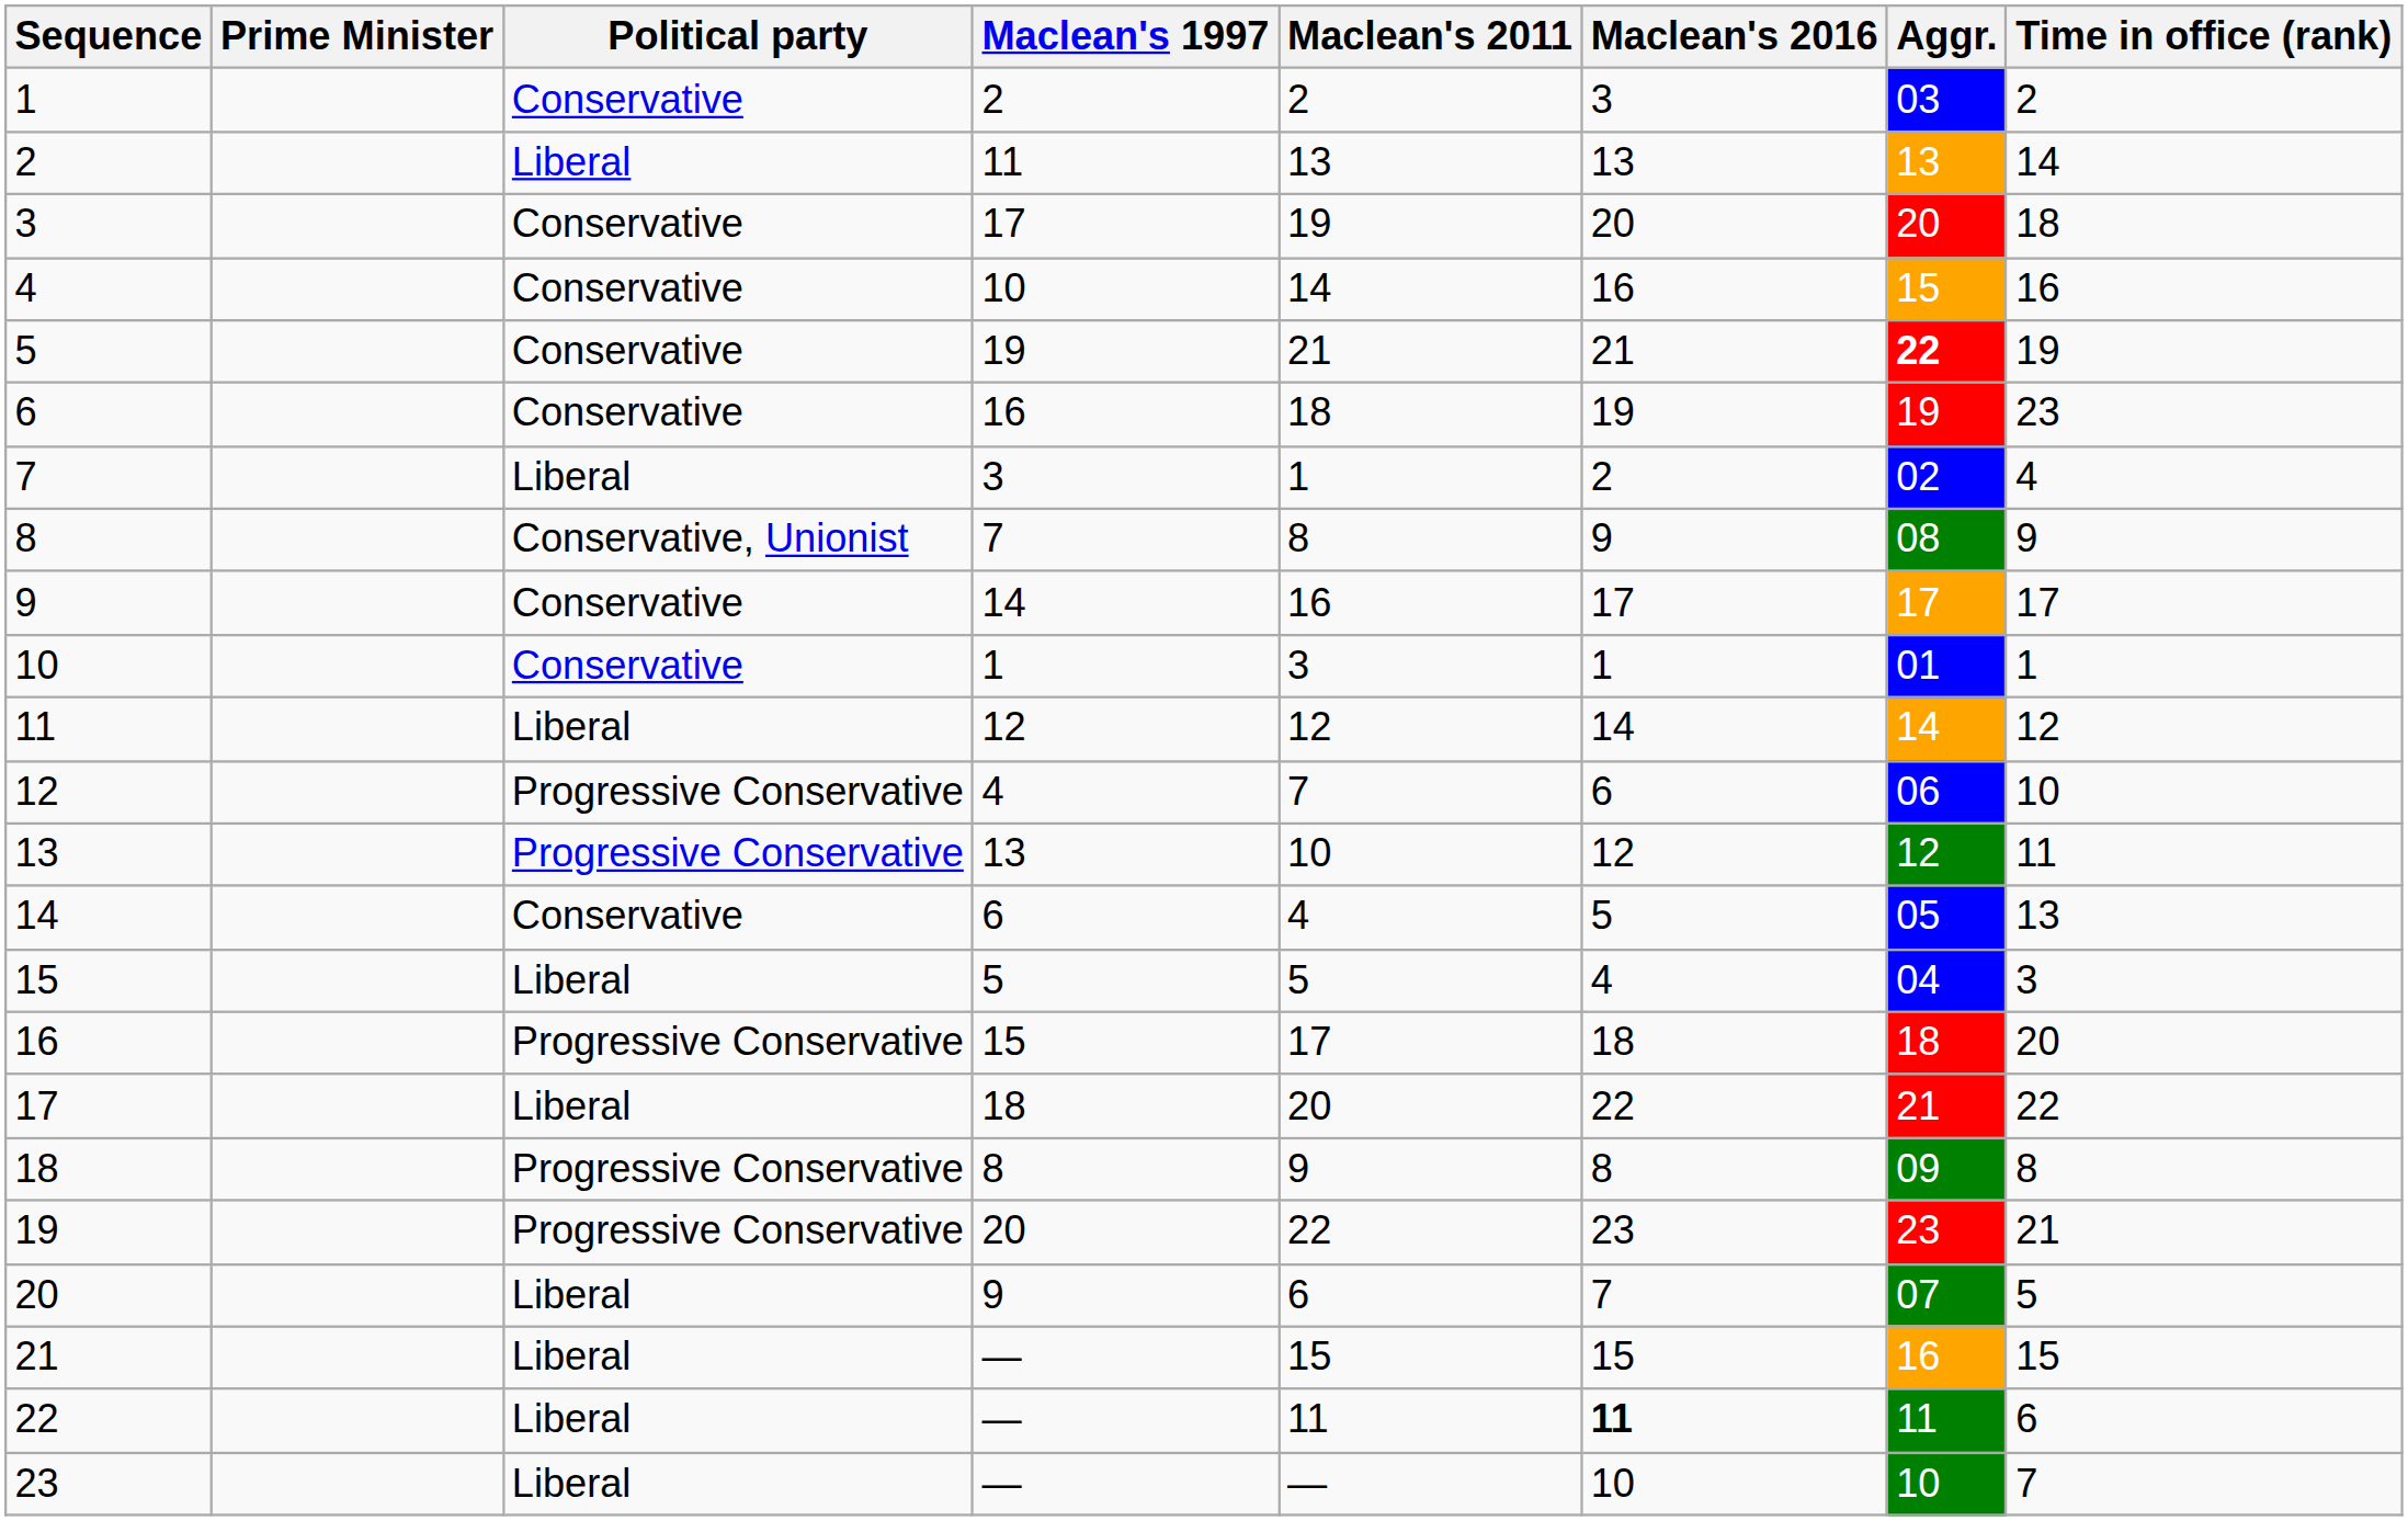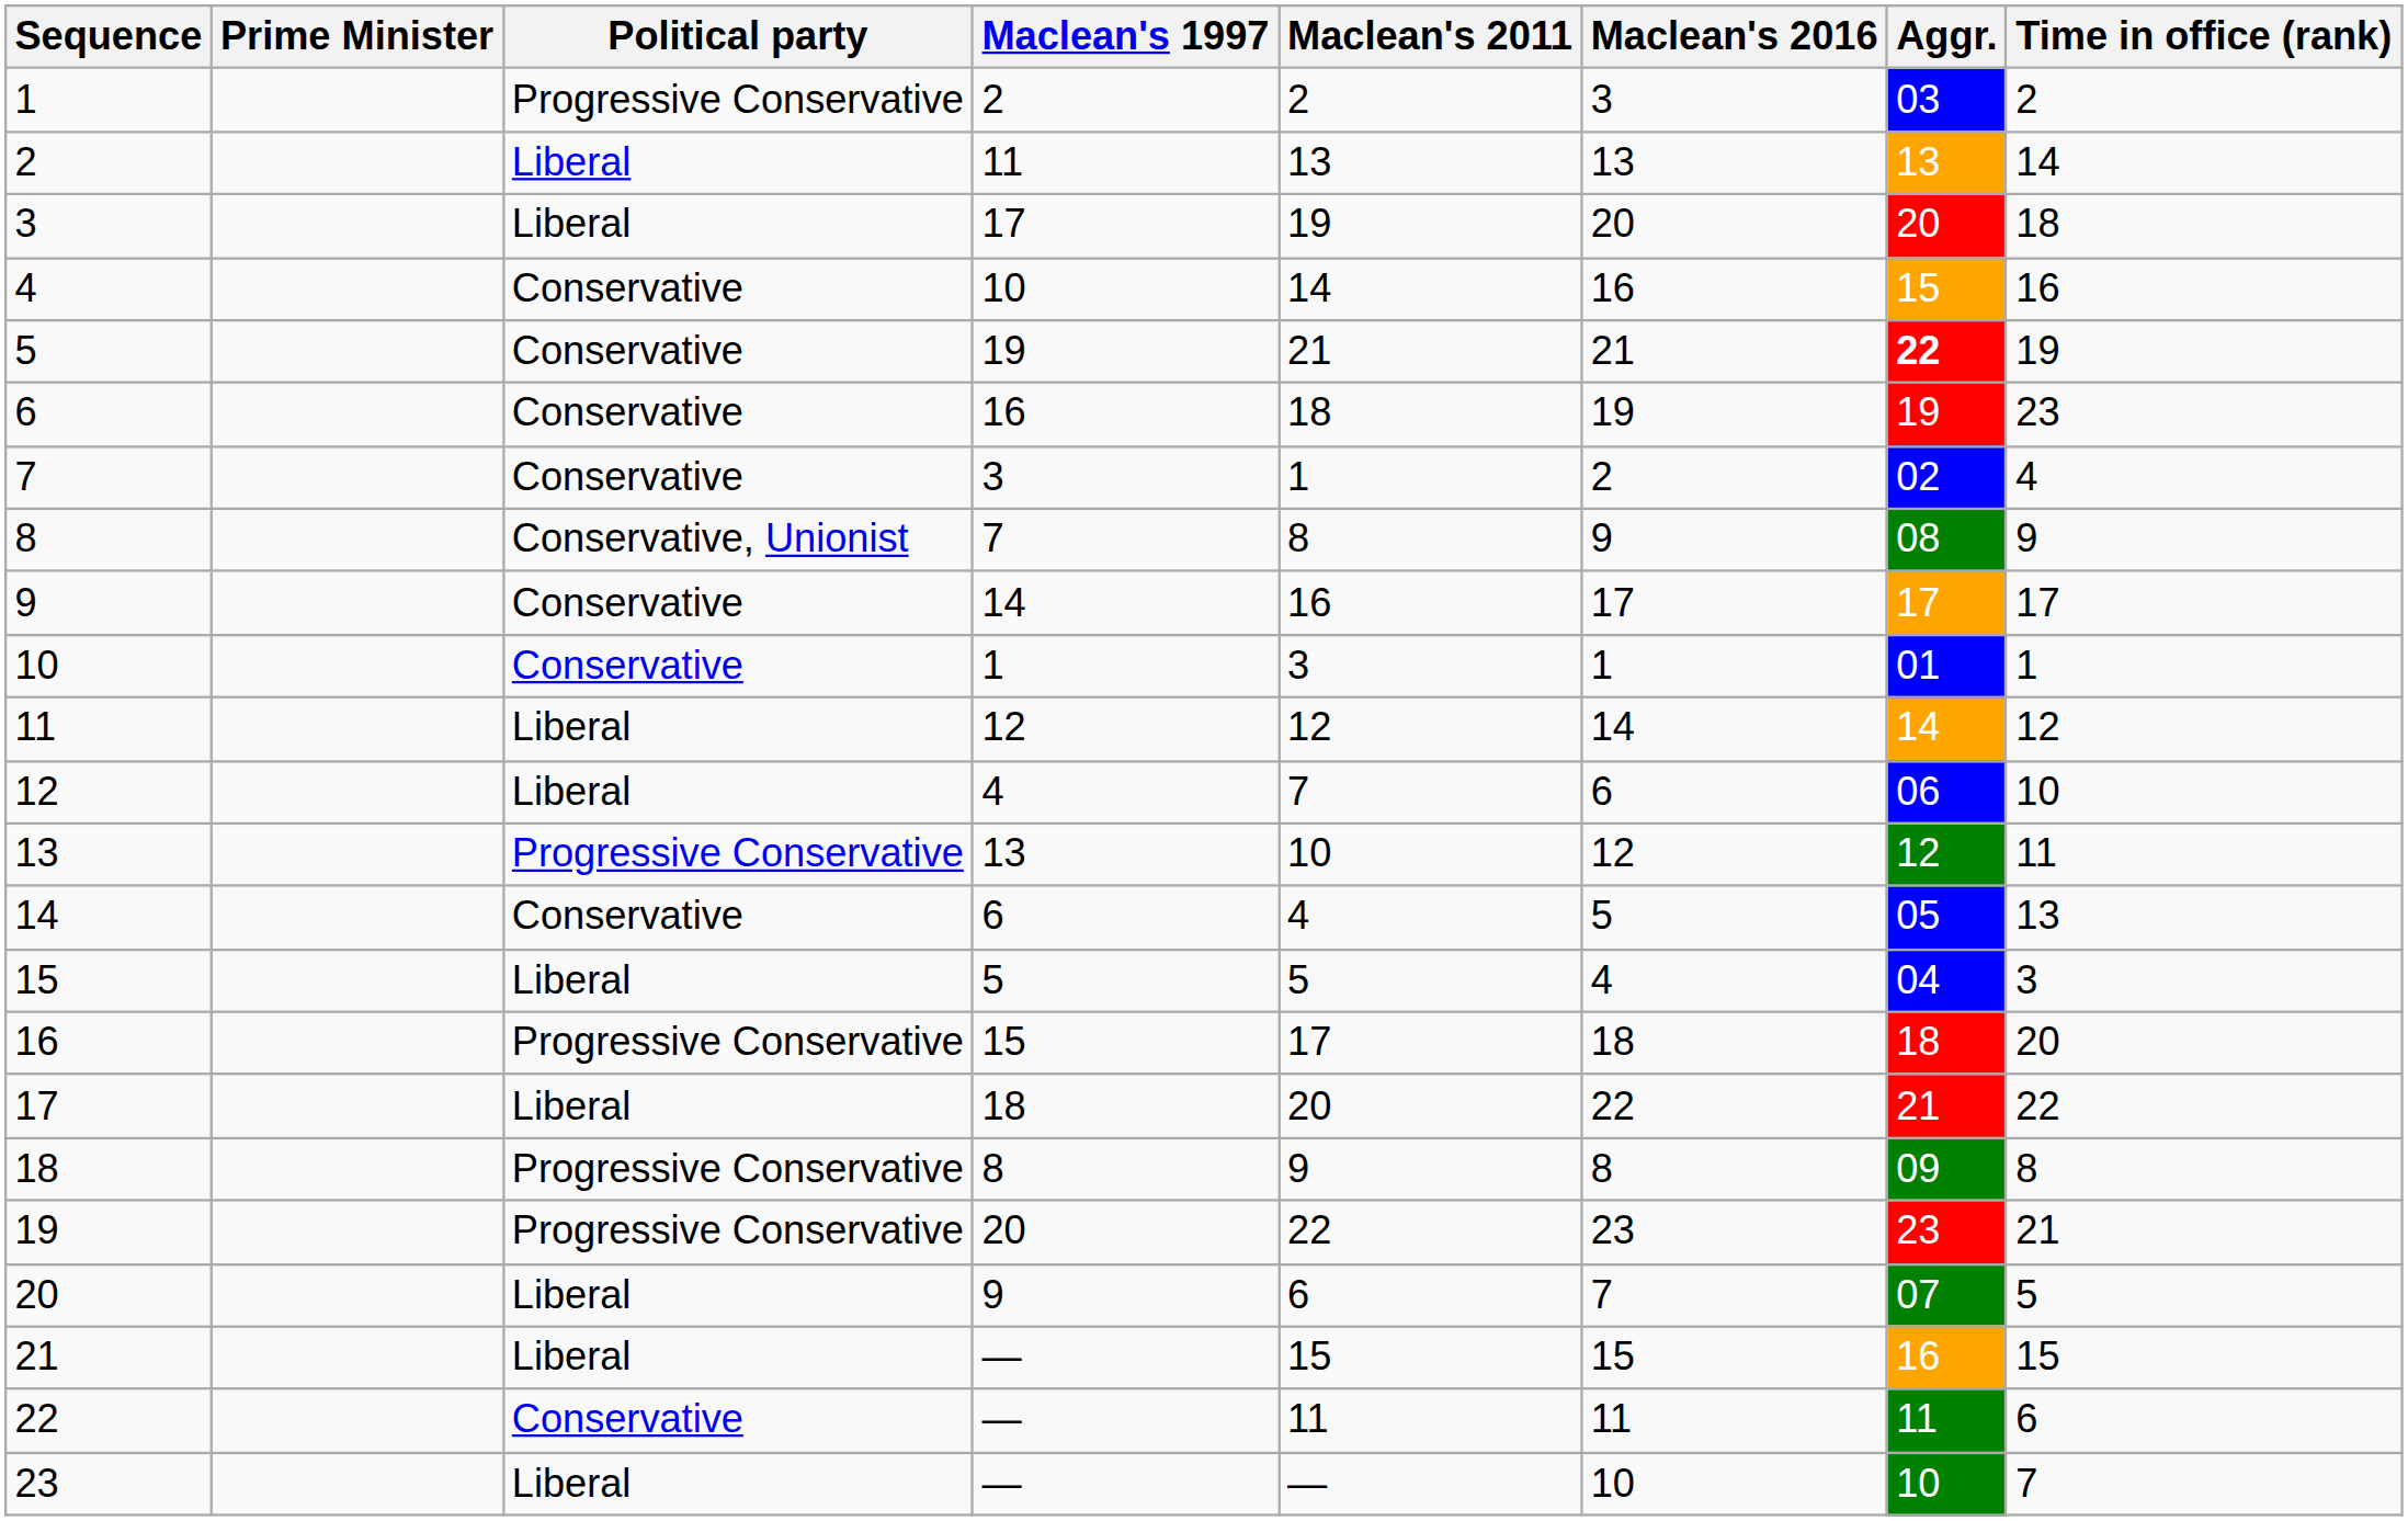 <table class="wikitable sortable sticky-header-multi" style=text-align:center" style="margin:1em auto;">
 <tr>
 <th>Sequence</th>
 <th>Prime Minister</th>
 <th>Political party</th>
 <th><a href='#'>Maclean's</a> 1997</th>
 <th>Maclean's 2011</th>
 <th>Maclean's 2016</th>
 <th>Aggr.</th>
 <th>Time in office (rank)</th>
 </tr>
 <tr>
 <td>1</td>
 <td></td>
-<td><a href='#'>Conservative</a></td>
+<td>Progressive Conservative</td>
 <td>2</td>
 <td>2</td>
 <td>3</td>
 <td style="background:blue; color:white">03</td>
 <td>2</td>
 </tr>
 <tr>
 <td>2</td>
 <td></td>
 <td><a href='#'>Liberal</a></td>
 <td>11</td>
 <td>13</td>
 <td>13</td>
 <td style="background:orange; color:white">13</td>
 <td>14</td>
 </tr>
 <tr>
 <td>3</td>
 <td></td>
-<td>Conservative</td>
+<td>Liberal</td>
 <td>17</td>
 <td>19</td>
 <td>20</td>
 <td style="background:red; color:white">20</td>
 <td>18</td>
 </tr>
 <tr>
 <td>4</td>
 <td></td>
 <td>Conservative</td>
 <td>10</td>
 <td>14</td>
 <td>16</td>
 <td style="background:orange; color:white">15</td>
 <td>16</td>
 </tr>
 <tr>
 <td>5</td>
 <td></td>
 <td>Conservative</td>
 <td>19</td>
 <td>21</td>
 <td>21</td>
 <td style="background:red; color:white"><strong>22</strong></td>
 <td>19</td>
 </tr>
 <tr>
 <td>6</td>
 <td></td>
 <td>Conservative</td>
 <td>16</td>
 <td>18</td>
 <td>19</td>
 <td style="background:red; color:white">19</td>
 <td>23</td>
 </tr>
 <tr>
 <td>7</td>
 <td></td>
-<td>Liberal</td>
+<td>Conservative</td>
 <td>3</td>
 <td>1</td>
 <td>2</td>
 <td style="background:blue; color:white">02</td>
 <td>4</td>
 </tr>
 <tr>
 <td>8</td>
 <td></td>
 <td>Conservative, <a href='#'>Unionist</a></td>
 <td>7</td>
 <td>8</td>
 <td>9</td>
 <td style="background:green; color:white">08</td>
 <td>9</td>
 </tr>
 <tr>
 <td>9</td>
 <td></td>
 <td>Conservative</td>
 <td>14</td>
 <td>16</td>
 <td>17</td>
 <td style="background:orange; color:white">17</td>
 <td>17</td>
 </tr>
 <tr>
 <td>10</td>
 <td></td>
 <td><a href='#'>Conservative</a></td>
 <td>1</td>
 <td>3</td>
 <td>1</td>
 <td style="background:blue; color:white">01</td>
 <td>1</td>
 </tr>
 <tr>
 <td>11</td>
 <td></td>
 <td>Liberal</td>
 <td>12</td>
 <td>12</td>
 <td>14</td>
 <td style="background:orange; color:white">14</td>
 <td>12</td>
 </tr>
 <tr>
 <td>12</td>
 <td></td>
-<td>Progressive Conservative</td>
+<td>Liberal</td>
 <td>4</td>
 <td>7</td>
 <td>6</td>
 <td style="background:blue; color:white">06</td>
 <td>10</td>
 </tr>
 <tr>
 <td>13</td>
 <td></td>
 <td><a href='#'>Progressive Conservative</a></td>
 <td>13</td>
 <td>10</td>
 <td>12</td>
 <td style="background:green; color:white">12</td>
 <td>11</td>
 </tr>
 <tr>
 <td>14</td>
 <td></td>
 <td>Conservative</td>
 <td>6</td>
 <td>4</td>
 <td>5</td>
 <td style="background:blue; color:white">05</td>
 <td>13</td>
 </tr>
 <tr>
 <td>15</td>
 <td></td>
 <td>Liberal</td>
 <td>5</td>
 <td>5</td>
 <td>4</td>
 <td style="background:blue; color:white">04</td>
 <td>3</td>
 </tr>
 <tr>
 <td>16</td>
 <td></td>
 <td>Progressive Conservative</td>
 <td>15</td>
 <td>17</td>
 <td>18</td>
 <td style="background:red; color:white">18</td>
 <td>20</td>
 </tr>
 <tr>
 <td>17</td>
 <td></td>
 <td>Liberal</td>
 <td>18</td>
 <td>20</td>
 <td>22</td>
 <td style="background:red; color:white">21</td>
 <td>22</td>
 </tr>
 <tr>
 <td>18</td>
 <td></td>
 <td>Progressive Conservative</td>
 <td>8</td>
 <td>9</td>
 <td>8</td>
 <td style="background:green; color:white">09</td>
 <td>8</td>
 </tr>
 <tr>
 <td>19</td>
 <td></td>
 <td>Progressive Conservative</td>
 <td>20</td>
 <td>22</td>
 <td>23</td>
 <td style="background:red; color:white">23</td>
 <td>21</td>
 </tr>
 <tr>
 <td>20</td>
 <td></td>
 <td>Liberal</td>
 <td>9</td>
 <td>6</td>
 <td>7</td>
 <td style="background:green; color:white">07</td>
 <td>5</td>
 </tr>
 <tr>
 <td>21</td>
 <td></td>
 <td>Liberal</td>
 <td>—</td>
 <td>15</td>
 <td>15</td>
 <td style="background:orange; color:white">16</td>
 <td>15</td>
 </tr>
 <tr>
 <td>22</td>
 <td></td>
-<td>Liberal</td>
+<td><a href='#'>Conservative</a></td>
 <td>—</td>
 <td>11</td>
-<td><strong>11</strong></td>
+<td>11</td>
 <td style="background:green; color:white">11</td>
 <td>6</td>
 </tr>
 <tr>
 <td>23</td>
 <td></td>
 <td>Liberal</td>
 <td>—</td>
 <td>—</td>
 <td>10</td>
 <td style="background:green; color:white">10</td>
 <td>7</td>
 </tr>
 </table>
